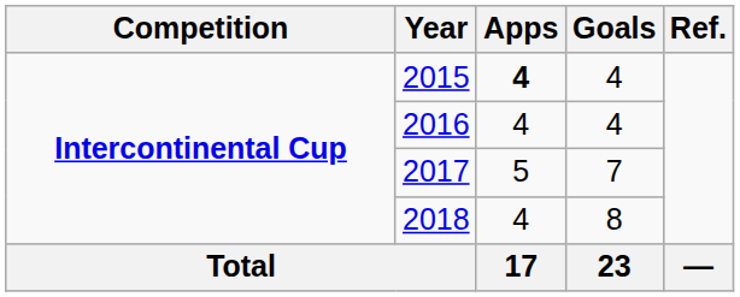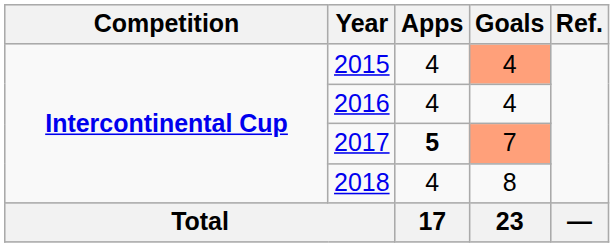 <table class="wikitable" style="text-align:center;">
 <tr>
 <th>Competition</th>
 <th>Year</th>
 <th>Apps</th>
 <th>Goals</th>
 <th>Ref.</th>
 </tr>
 <tr>
 <td rowspan="4" width=200><strong><a href='#'>Intercontinental Cup</a></strong></td>
 <td> <a href='#'>2015</a></td>
-<td><strong>4</strong></td>
 <td>4</td>
+<td style="background: lightsalmon;">4</td>
 <td rowspan=4></td>
 </tr>
 <tr>
 <td> <a href='#'>2016</a></td>
 <td>4</td>
 <td>4</td>
 </tr>
 <tr>
 <td> <a href='#'>2017</a></td>
-<td>5</td>
-<td>7</td>
+<td><strong>5</strong></td>
+<td style="background: lightsalmon;">7</td>
 </tr>
 <tr>
 <td> <a href='#'>2018</a></td>
 <td>4</td>
 <td>8</td>
 </tr>
 <tr>
 <th colspan=2>Total</th>
 <th>17</th>
 <th>23</th>
 <th>—</th>
 </tr>
 </table>
